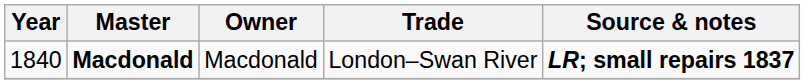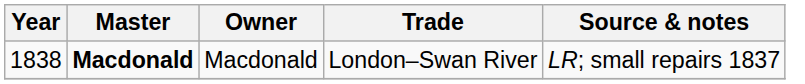 <table class=" wikitable">
 <tr>
 <th>Year</th>
 <th>Master</th>
 <th>Owner</th>
 <th>Trade</th>
 <th>Source & notes</th>
 </tr>
 <tr>
-<td>1840</td>
+<td>1838</td>
 <td><strong>Macdonald</strong></td>
 <td>Macdonald</td>
 <td>London–Swan River</td>
-<td><strong><em>LR</em>; small repairs 1837</strong></td>
+<td><em>LR</em>; small repairs 1837</td>
 </tr>
 <tr>
 </tr>
 </table>
